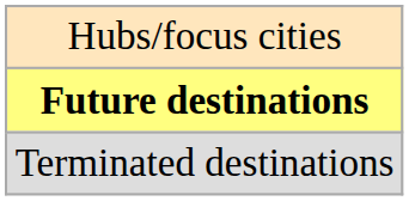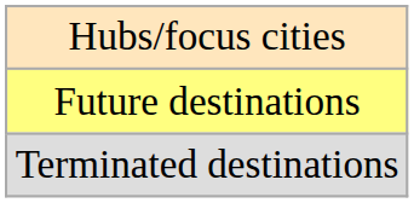 <table class="wikitable">
 <tr>
 <td style="background-color: #FFE6BD" align=center>Hubs/focus cities </td>
 </tr>
 <tr>
-<td style="background:#FFFF80" align=center><strong>Future destinations </strong></td>
+<td style="background:#FFFF80" align=center>Future destinations </td>
 </tr>
 <tr>
 <td style="background:#DDDDDD" align=center>Terminated destinations </td>
 </tr>
 </table>
